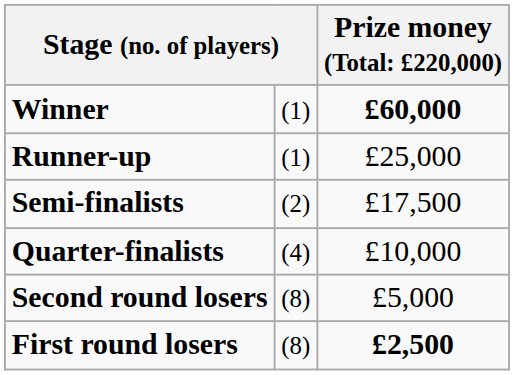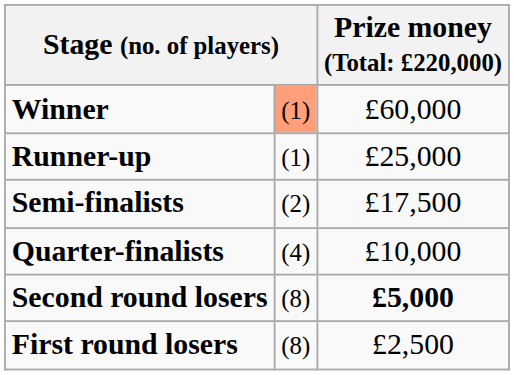 <table class="wikitable">
 <tr>
 <th colspan="2">Stage <small>(no. of players)</small></th>
 <th>Prize money<br><small>(Total: £220,000)</small></th>
 </tr>
 <tr>
 <td><strong>Winner</strong></td>
-<td align="center"><small>(1)</small></td>
-<td align="center"><strong>£60,000</strong></td>
+<td align="center" style="background: lightsalmon;"><small>(1)</small></td>
+<td align="center">£60,000</td>
 </tr>
 <tr>
 <td><strong>Runner-up</strong></td>
 <td align="center"><small>(1)</small></td>
 <td align="center">£25,000</td>
 </tr>
 <tr>
 <td><strong>Semi-finalists</strong></td>
 <td align="center"><small>(2)</small></td>
 <td align="center">£17,500</td>
 </tr>
 <tr>
 <td><strong>Quarter-finalists</strong></td>
 <td align="center"><small>(4)</small></td>
 <td align="center">£10,000</td>
 </tr>
 <tr>
 <td><strong>Second round losers</strong></td>
 <td align="center"><small>(8)</small></td>
-<td align="center">£5,000</td>
+<td align="center"><strong>£5,000</strong></td>
 </tr>
 <tr>
 <td><strong>First round losers</strong></td>
 <td align="center"><small>(8)</small></td>
-<td align="center"><strong>£2,500</strong></td>
+<td align="center">£2,500</td>
 </tr>
 </table>
